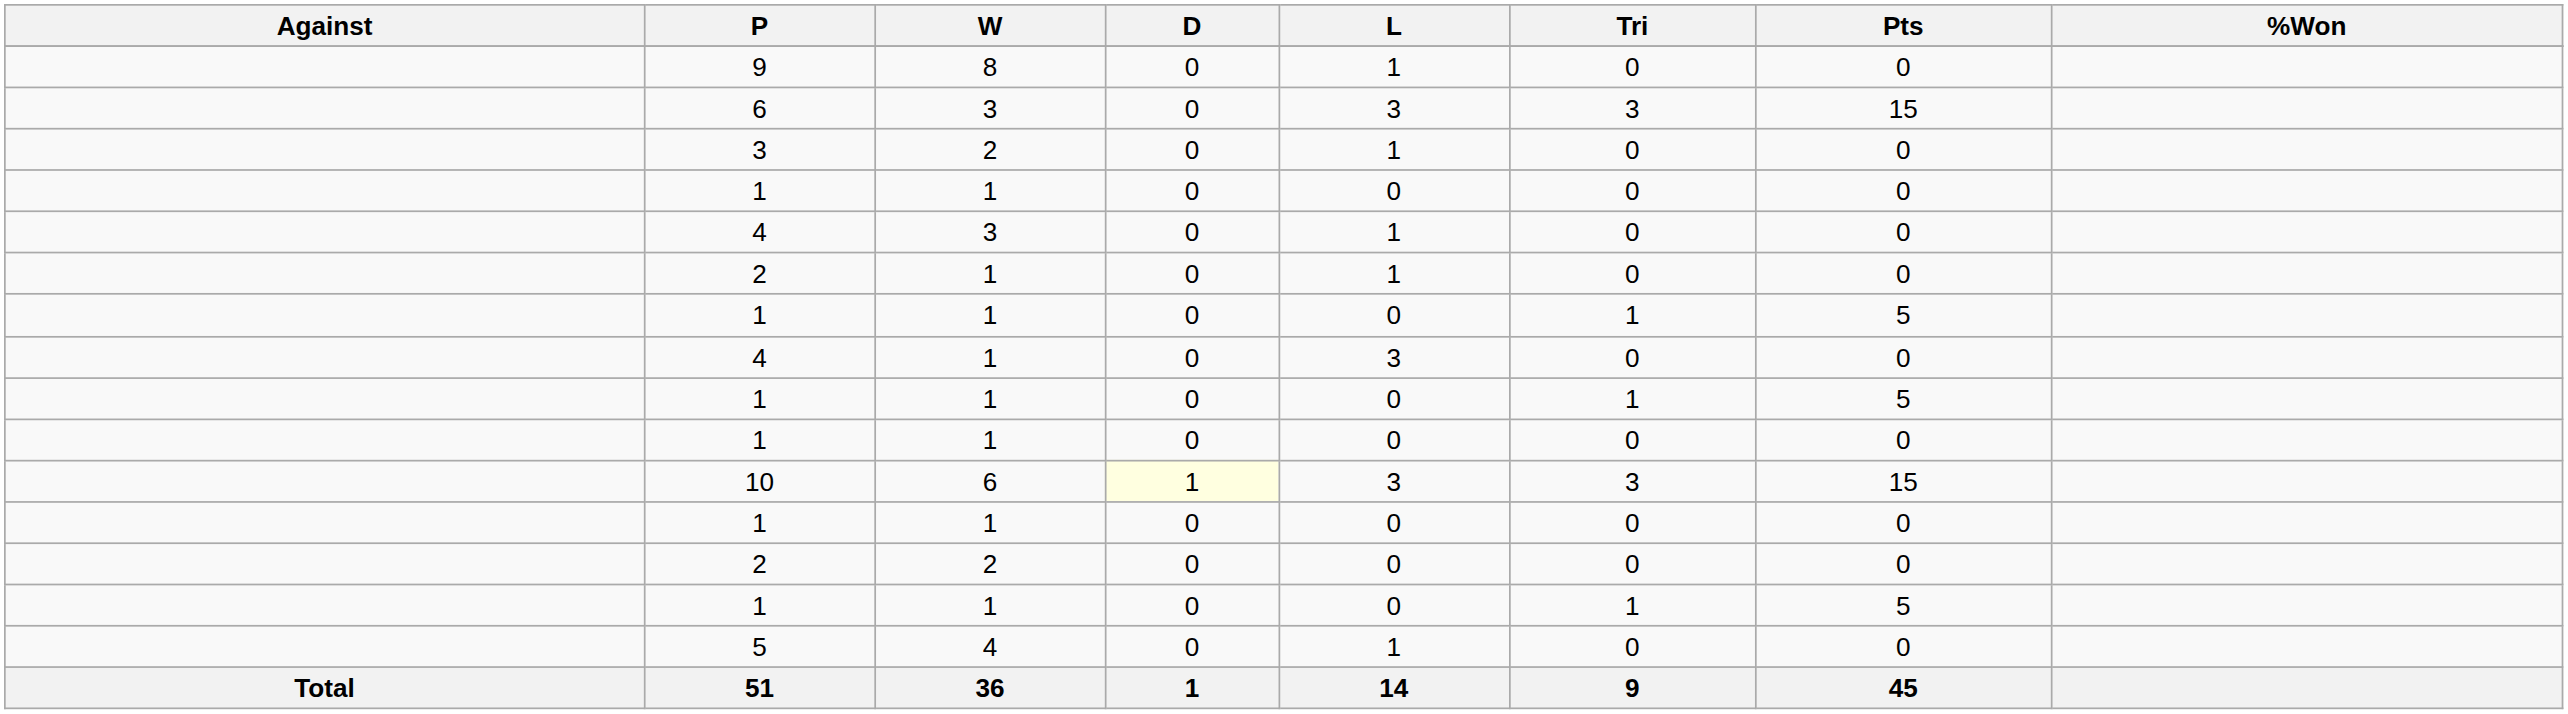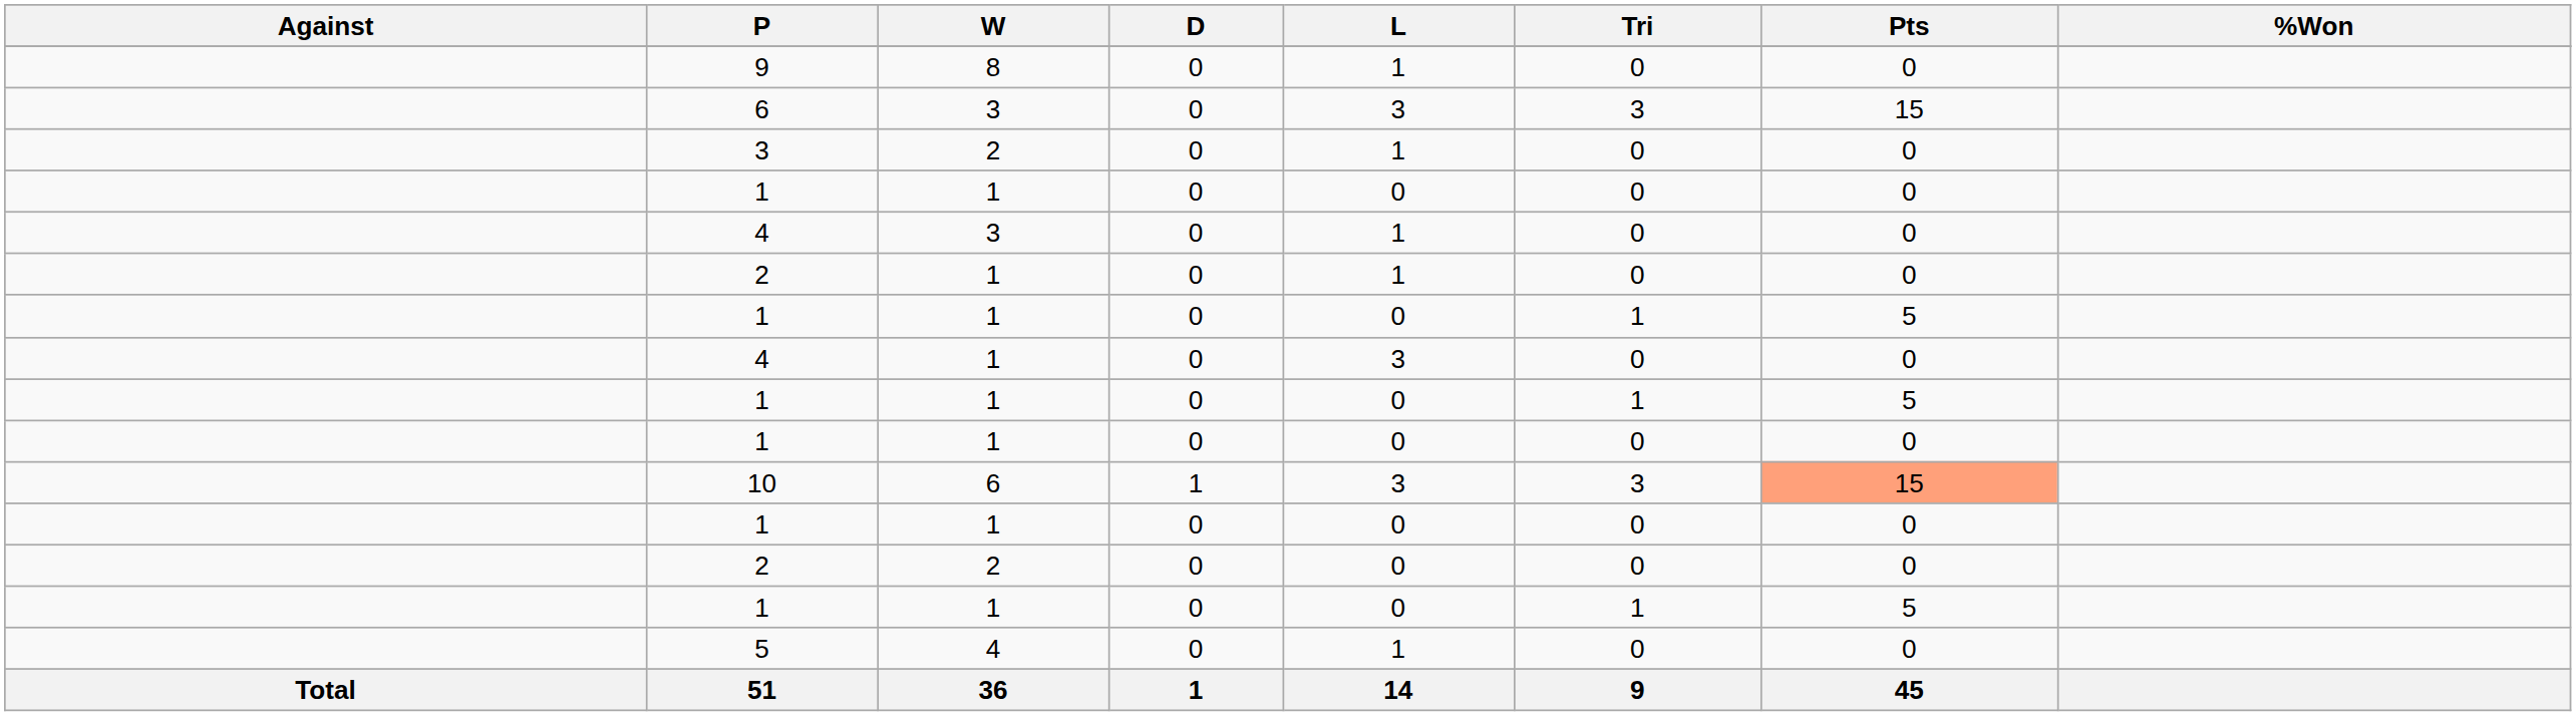 <table class="wikitable sortable"  style="text-align:center; font-size:95%; width:75%;">
 <tr>
 <th style="width:25%;">Against</th>
 <th abbr="Played" style="width:15px;">P</th>
 <th abbr="Won" style="width:10px;">W</th>
 <th abbr="Drawn" style="width:10px;">D</th>
 <th abbr="Lost" style="width:10px;">L</th>
 <th abbr="Tries" style="width:15px;">Tri</th>
 <th abbr="Points" style="width:18px;">Pts</th>
 <th abbr="Won" style="width:18px;">%Won</th>
 </tr>
 <tr bgcolor="#d0ffd0" align="center">
 </tr>
 <tr>
 <td align="left"></td>
 <td>9</td>
 <td>8</td>
 <td>0</td>
 <td>1</td>
 <td>0</td>
 <td>0</td>
 <td></td>
 </tr>
 <tr>
 <td align="left"></td>
 <td>6</td>
 <td>3</td>
 <td>0</td>
 <td>3</td>
 <td>3</td>
 <td>15</td>
 <td></td>
 </tr>
 <tr>
 <td align="left"></td>
 <td>3</td>
 <td>2</td>
 <td>0</td>
 <td>1</td>
 <td>0</td>
 <td>0</td>
 <td></td>
 </tr>
 <tr>
 <td align="left"></td>
 <td>1</td>
 <td>1</td>
 <td>0</td>
 <td>0</td>
 <td>0</td>
 <td>0</td>
 <td></td>
 </tr>
 <tr>
 <td align="left"></td>
 <td>4</td>
 <td>3</td>
 <td>0</td>
 <td>1</td>
 <td>0</td>
 <td>0</td>
 <td></td>
 </tr>
 <tr>
 <td align="left"></td>
 <td>2</td>
 <td>1</td>
 <td>0</td>
 <td>1</td>
 <td>0</td>
 <td>0</td>
 <td></td>
 </tr>
 <tr>
 <td align="left"></td>
 <td>1</td>
 <td>1</td>
 <td>0</td>
 <td>0</td>
 <td>1</td>
 <td>5</td>
 <td></td>
 </tr>
 <tr>
 <td align="left"></td>
 <td>4</td>
 <td>1</td>
 <td>0</td>
 <td>3</td>
 <td>0</td>
 <td>0</td>
 <td></td>
 </tr>
 <tr>
 <td align="left"></td>
 <td>1</td>
 <td>1</td>
 <td>0</td>
 <td>0</td>
 <td>1</td>
 <td>5</td>
 <td></td>
 </tr>
 <tr>
 <td align="left"></td>
 <td>1</td>
 <td>1</td>
 <td>0</td>
 <td>0</td>
 <td>0</td>
 <td>0</td>
 <td></td>
 </tr>
 <tr>
 <td align="left"></td>
 <td>10</td>
 <td>6</td>
-<td style="background: lightyellow;">1</td>
+<td>1</td>
 <td>3</td>
 <td>3</td>
-<td>15</td>
+<td style="background: lightsalmon;">15</td>
 <td></td>
 </tr>
 <tr>
 <td align="left"></td>
 <td>1</td>
 <td>1</td>
 <td>0</td>
 <td>0</td>
 <td>0</td>
 <td>0</td>
 <td></td>
 </tr>
 <tr>
 <td align="left"></td>
 <td>2</td>
 <td>2</td>
 <td>0</td>
 <td>0</td>
 <td>0</td>
 <td>0</td>
 <td></td>
 </tr>
 <tr>
 <td align="left"></td>
 <td>1</td>
 <td>1</td>
 <td>0</td>
 <td>0</td>
 <td>1</td>
 <td>5</td>
 <td></td>
 </tr>
 <tr>
 <td align="left"></td>
 <td>5</td>
 <td>4</td>
 <td>0</td>
 <td>1</td>
 <td>0</td>
 <td>0</td>
 <td></td>
 </tr>
 <tr>
 <th>Total</th>
 <th>51</th>
 <th>36</th>
 <th>1</th>
 <th>14</th>
 <th>9</th>
 <th>45</th>
 <th></th>
 </tr>
 </table>
